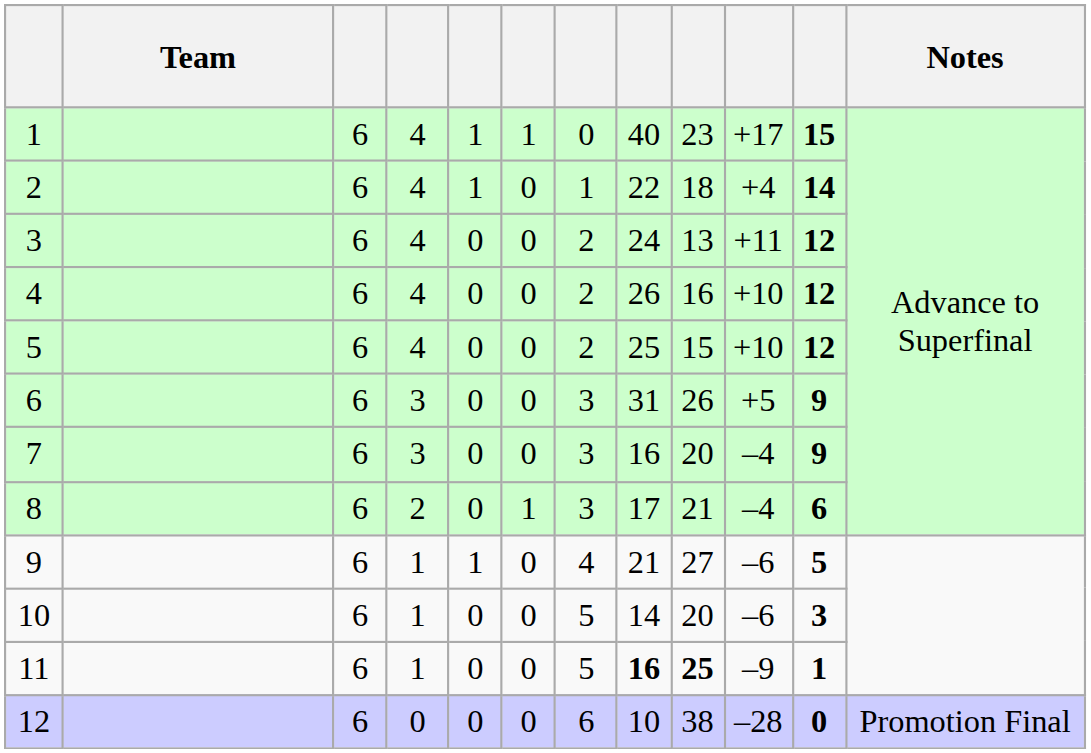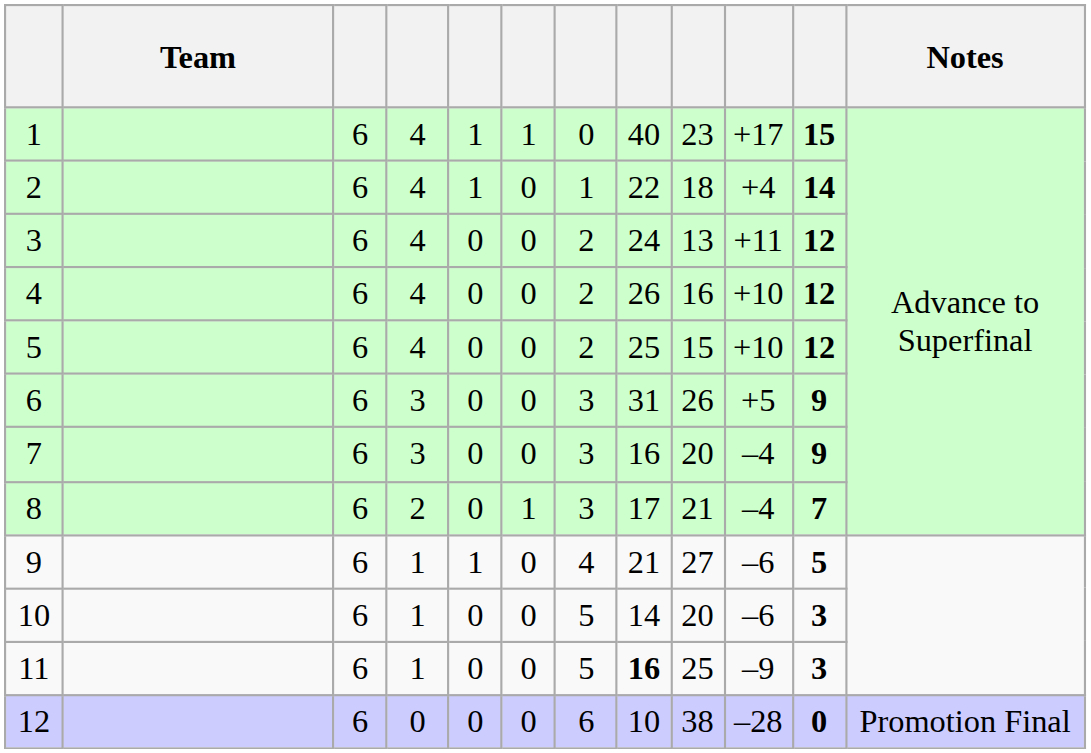 <table class="wikitable" style="text-align: center; font-size: 95%;">
 <tr>
 <th width="20" height="41"></th>
 <th width="120">Team</th>
 <th width="18"></th>
 <th width="22"></th>
 <th width="18"></th>
 <th width="18"></th>
 <th width="22"></th>
 <th width="18"></th>
 <th width="18"></th>
 <th width="25"></th>
 <th width="18"></th>
 <th width="105">Notes</th>
 </tr>
 <tr style="background-color: #ccffcc;">
 <td>1</td>
 <td align=left></td>
 <td>6</td>
 <td>4</td>
 <td>1</td>
 <td>1</td>
 <td>0</td>
 <td>40</td>
 <td>23</td>
 <td>+17</td>
 <td><strong>15</strong></td>
 <td rowspan="8">Advance to<br>Superfinal</td>
 </tr>
 <tr style="background-color: #ccffcc;">
 <td>2</td>
 <td align=left></td>
 <td>6</td>
 <td>4</td>
 <td>1</td>
 <td>0</td>
 <td>1</td>
 <td>22</td>
 <td>18</td>
 <td>+4</td>
 <td><strong>14</strong></td>
 </tr>
 <tr style="background-color: #ccffcc;">
 <td>3</td>
 <td align=left></td>
 <td>6</td>
 <td>4</td>
 <td>0</td>
 <td>0</td>
 <td>2</td>
 <td>24</td>
 <td>13</td>
 <td>+11</td>
 <td><strong>12</strong></td>
 </tr>
 <tr style="background-color: #ccffcc;">
 <td>4</td>
 <td align=left></td>
 <td>6</td>
 <td>4</td>
 <td>0</td>
 <td>0</td>
 <td>2</td>
 <td>26</td>
 <td>16</td>
 <td>+10</td>
 <td><strong>12</strong></td>
 </tr>
 <tr style="background-color: #ccffcc;">
 <td>5</td>
 <td align=left></td>
 <td>6</td>
 <td>4</td>
 <td>0</td>
 <td>0</td>
 <td>2</td>
 <td>25</td>
 <td>15</td>
 <td>+10</td>
 <td><strong>12</strong></td>
 </tr>
 <tr style="background-color: #ccffcc;">
 <td>6</td>
 <td align=left></td>
 <td>6</td>
 <td>3</td>
 <td>0</td>
 <td>0</td>
 <td>3</td>
 <td>31</td>
 <td>26</td>
 <td>+5</td>
 <td><strong>9</strong></td>
 </tr>
 <tr style="background-color: #ccffcc;">
 <td>7</td>
 <td align=left></td>
 <td>6</td>
 <td>3</td>
 <td>0</td>
 <td>0</td>
 <td>3</td>
 <td>16</td>
 <td>20</td>
 <td>–4</td>
 <td><strong>9</strong></td>
 </tr>
 <tr style="background-color: #ccffcc;">
 <td>8</td>
 <td align=left></td>
 <td>6</td>
 <td>2</td>
 <td>0</td>
 <td>1</td>
 <td>3</td>
 <td>17</td>
 <td>21</td>
 <td>–4</td>
-<td><strong>6</strong></td>
+<td><strong>7</strong></td>
 </tr>
 <tr>
 <td>9</td>
 <td align=left></td>
 <td>6</td>
 <td>1</td>
 <td>1</td>
 <td>0</td>
 <td>4</td>
 <td>21</td>
 <td>27</td>
 <td>–6</td>
 <td><strong>5</strong></td>
 <td rowspan="3"></td>
 </tr>
 <tr>
 <td>10</td>
 <td align=left></td>
 <td>6</td>
 <td>1</td>
 <td>0</td>
 <td>0</td>
 <td>5</td>
 <td>14</td>
 <td>20</td>
 <td>–6</td>
 <td><strong>3</strong></td>
 </tr>
 <tr>
 <td>11</td>
 <td align=left></td>
 <td>6</td>
 <td>1</td>
 <td>0</td>
 <td>0</td>
 <td>5</td>
 <td><strong>16</strong></td>
-<td><strong>25</strong></td>
+<td>25</td>
 <td>–9</td>
-<td><strong>1</strong></td>
+<td><strong>3</strong></td>
 </tr>
 <tr style="background-color: #ccccff">
 <td>12</td>
 <td align=left></td>
 <td>6</td>
 <td>0</td>
 <td>0</td>
 <td>0</td>
 <td>6</td>
 <td>10</td>
 <td>38</td>
 <td>–28</td>
 <td><strong>0</strong></td>
 <td>Promotion Final</td>
 </tr>
 </table>
